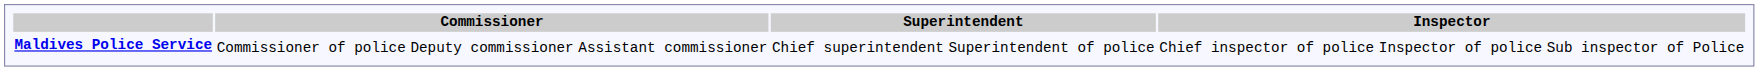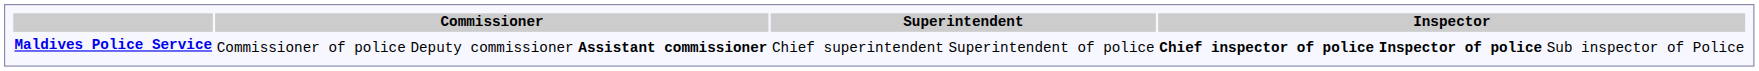 <table style="border:1px solid #8888aa; background-color:#f7f8ff; padding:5px; font-size:95%; margin: 0px 12px 12px 0px;">
 <tr style="background-color:#CCCCCC;">
 <th></th>
 <th colspan=3>Commissioner</th>
 <th colspan=2>Superintendent</th>
 <th colspan=5>Inspector</th>
 </tr>
 <tr style="text-align:center;">
 <td rowspan=2> <strong><a href='#'>Maldives Police Service</a></strong></td>
 <td></td>
 <td></td>
 <td></td>
 <td></td>
 <td></td>
 <td></td>
 <td></td>
 <td></td>
 </tr>
 <tr style="text-align:center;">
 <td>Commissioner of police</td>
 <td>Deputy commissioner</td>
-<td>Assistant commissioner</td>
+<td><strong>Assistant commissioner</strong></td>
 <td>Chief superintendent</td>
 <td>Superintendent of police</td>
-<td>Chief inspector of police</td>
-<td>Inspector of police</td>
+<td><strong>Chief inspector of police</strong></td>
+<td><strong>Inspector of police</strong></td>
 <td>Sub inspector of Police</td>
 </tr>
 </table>
